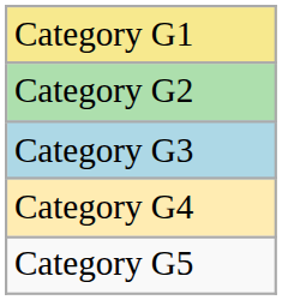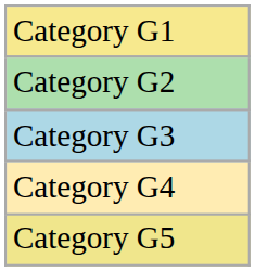 <table class="wikitable" style="font-size:85%;" width=12%>
 <tr bgcolor="#F7E98E">
 <td>Category G1</td>
 </tr>
 <tr bgcolor="#ADDFAD">
 <td>Category G2</td>
 </tr>
 <tr bgcolor="lightblue">
 <td>Category G3</td>
 </tr>
 <tr bgcolor=#ffecb2>
 <td>Category G4</td>
 </tr>
 <tr>
-<td>Category G5</td>
+<td style="background: khaki;">Category G5</td>
 </tr>
 </table>
